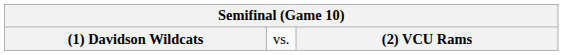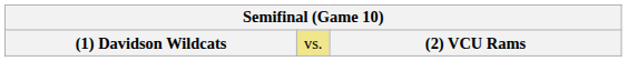 <table class="wikitable">
 <tr>
 <th style="width: 594px;" colspan=3>Semifinal (Game 10)</th>
 </tr>
 <tr>
 <th style="width: 284px; ">(1) Davidson Wildcats</th>
-<td style="width: 25px; text-align:center">vs.</td>
+<td style="background: khaki; width: 25px; text-align:center">vs.</td>
 <th style="width: 284px; ">(2) VCU Rams</th>
 </tr>
 </table>
